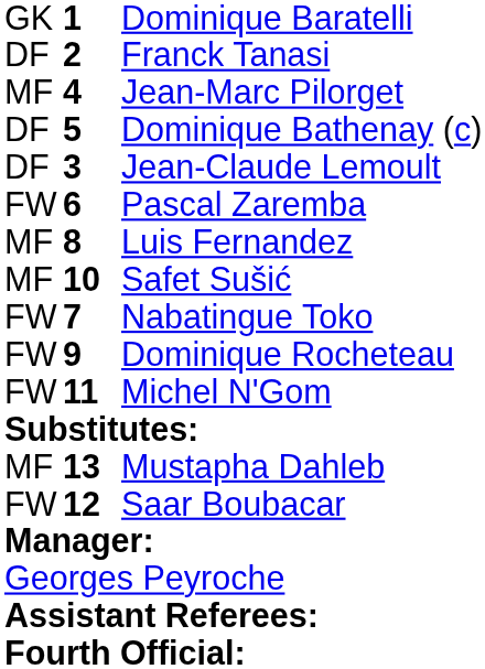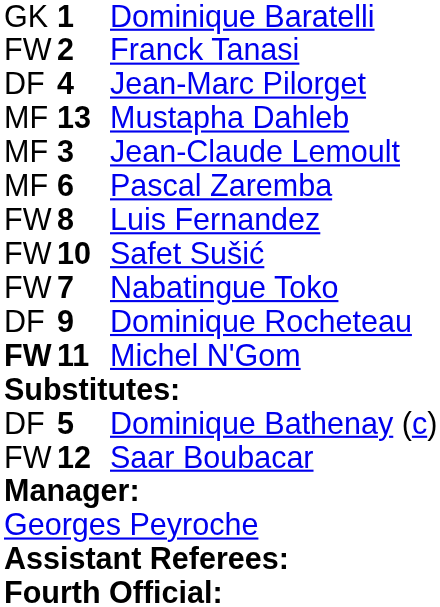 <table style=font-size:90% cellspacing=0 cellpadding=0>
 <tr>
 <td colspan=4></td>
 </tr>
 <tr>
 <th width=25></th>
 <th width=25></th>
 </tr>
 <tr>
 <td>GK</td>
 <td><strong>1</strong></td>
 <td> <a href='#'>Dominique Baratelli</a></td>
 </tr>
 <tr>
-<td>DF</td>
+<td>FW</td>
 <td><strong>2</strong></td>
 <td> <a href='#'>Franck Tanasi</a></td>
 </tr>
 <tr>
-<td>MF</td>
+<td>DF</td>
 <td><strong>4</strong></td>
 <td> <a href='#'>Jean-Marc Pilorget</a></td>
 </tr>
 <tr>
-<td>DF</td>
-<td><strong>5</strong></td>
-<td> <a href='#'>Dominique Bathenay</a> (<a href='#'>c</a>)</td>
+<td>MF</td>
+<td><strong>13</strong></td>
+<td> <a href='#'>Mustapha Dahleb</a></td>
 <td></td>
 <td></td>
 </tr>
 <tr>
-<td>DF</td>
+<td>MF</td>
 <td><strong>3</strong></td>
 <td> <a href='#'>Jean-Claude Lemoult</a></td>
 </tr>
 <tr>
-<td>FW</td>
+<td>MF</td>
 <td><strong>6</strong></td>
 <td> <a href='#'>Pascal Zaremba</a></td>
 </tr>
 <tr>
-<td>MF</td>
+<td>FW</td>
 <td><strong>8</strong></td>
 <td> <a href='#'>Luis Fernandez</a></td>
 </tr>
 <tr>
-<td>MF</td>
+<td>FW</td>
 <td><strong>10</strong></td>
 <td> <a href='#'>Safet Sušić</a></td>
 </tr>
 <tr>
 <td>FW</td>
 <td><strong>7</strong></td>
 <td> <a href='#'>Nabatingue Toko</a></td>
 </tr>
 <tr>
-<td>FW</td>
+<td>DF</td>
 <td><strong>9</strong></td>
 <td> <a href='#'>Dominique Rocheteau</a></td>
 </tr>
 <tr>
-<td>FW</td>
+<td><strong>FW</strong></td>
 <td><strong>11</strong></td>
 <td> <a href='#'>Michel N'Gom</a></td>
 </tr>
 <tr>
 <td colspan=3><strong>Substitutes:</strong></td>
 </tr>
 <tr>
-<td>MF</td>
-<td><strong>13</strong></td>
-<td> <a href='#'>Mustapha Dahleb</a></td>
+<td>DF</td>
+<td><strong>5</strong></td>
+<td> <a href='#'>Dominique Bathenay</a> (<a href='#'>c</a>)</td>
 <td></td>
 <td></td>
 </tr>
 <tr>
 <td>FW</td>
 <td><strong>12</strong></td>
 <td> <a href='#'>Saar Boubacar</a></td>
 </tr>
 <tr>
 <td colspan=3><strong>Manager:</strong></td>
 </tr>
 <tr>
 <td colspan=4> <a href='#'>Georges Peyroche</a><br><strong>Assistant Referees:</strong><br> <strong>Fourth Official:</strong><br></td>
 </tr>
 </table>
